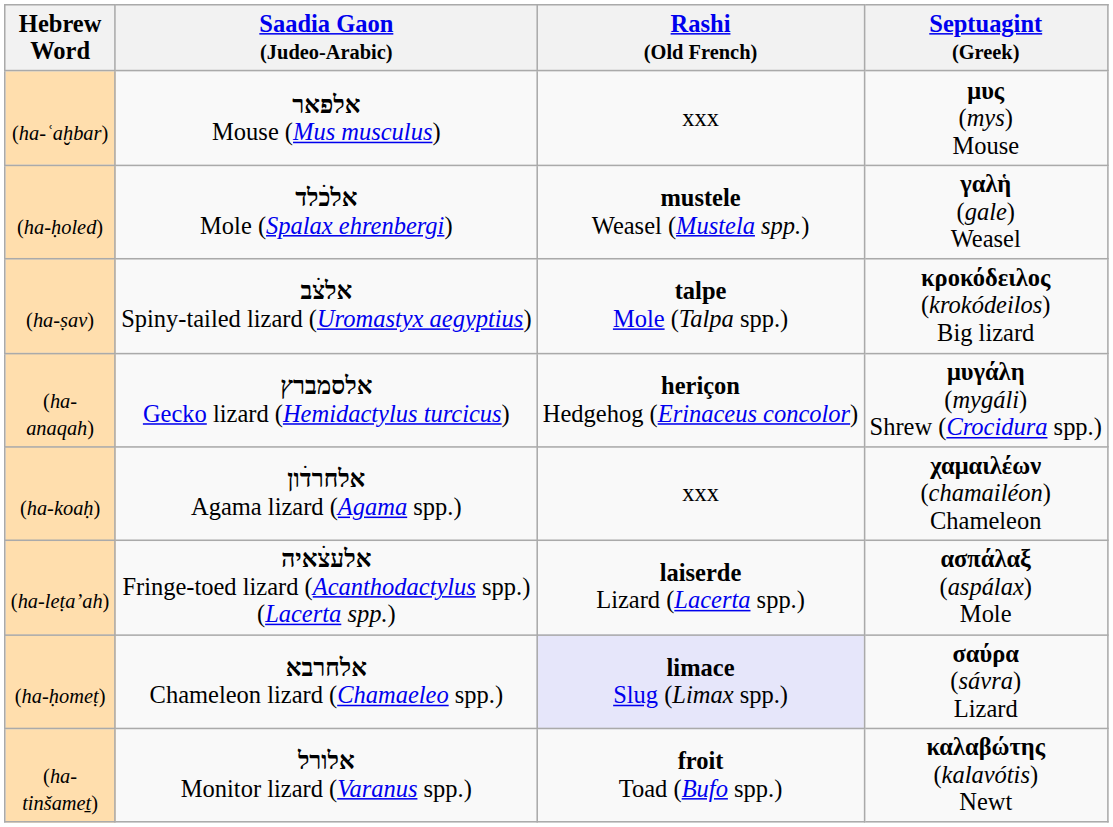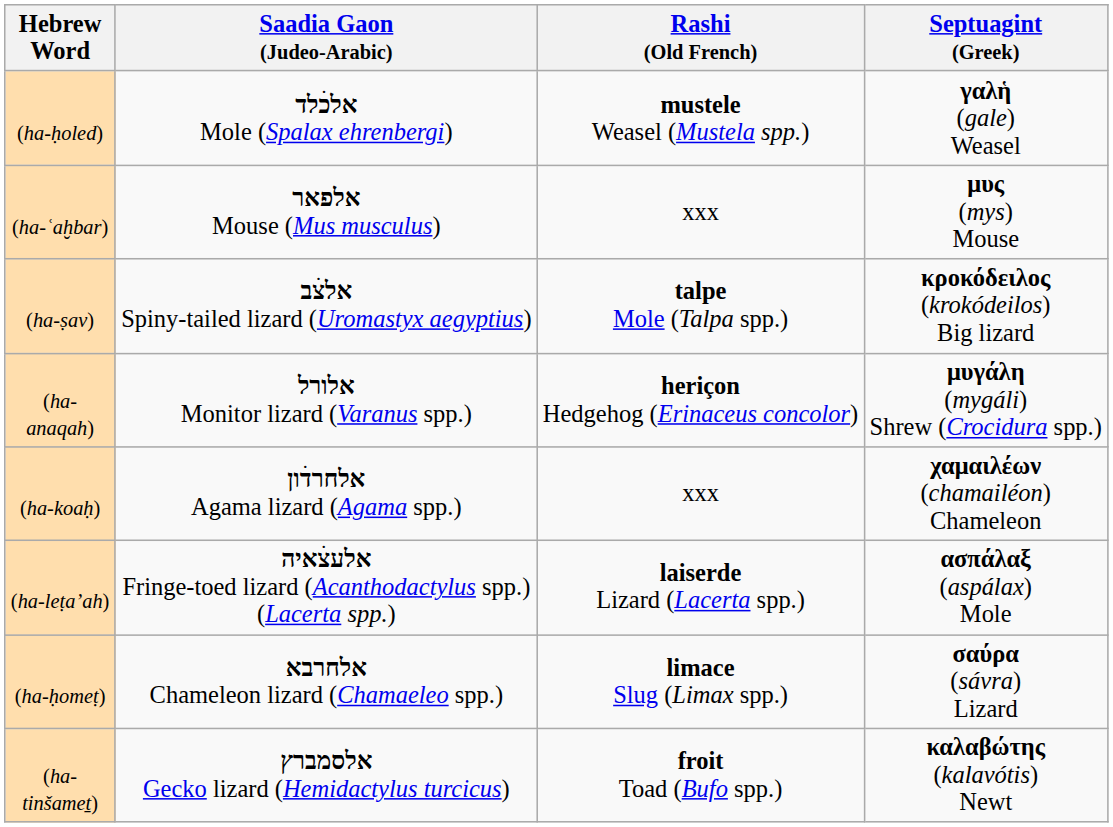 <table class="wikitable">
 <tr>
 <th style="text-align:center; width:65px">Hebrew Word</th>
 <th><a href='#'>Saadia Gaon</a><br><small>(Judeo-Arabic)</small></th>
 <th><a href='#'>Rashi</a><br><small>(Old French)</small></th>
 <th><a href='#'>Septuagint</a><br><small>(Greek)</small></th>
 </tr>
 <tr>
+<td style="background:Navajowhite; text-align:center; width:65px"><strong></strong><br><small>(<em>ha-ḥoled</em>)</small></td>
+<td style="text-align:center;"><strong>אלכׄלד</strong><br>Mole (<em><a href='#'>Spalax ehrenbergi</a></em>)</td>
+<td style="text-align:center;"><strong>mustele</strong><br>Weasel (<em><a href='#'>Mustela</a> spp.</em>)</td>
+<td style="text-align:center;"><strong>γαλἡ</strong><br>(<em>gale</em>)<br>Weasel</td>
+</tr>
+<tr>
 <td style="background:Navajowhite; text-align:center; width:65px"><strong></strong><br><small>(<em>ha-ʿaḫbar</em>)</small></td>
 <td style="text-align:center;"><strong>אלפאר</strong><br>Mouse (<em><a href='#'>Mus musculus</a></em>)</td>
 <td style="text-align:center;">xxx</td>
 <td style="text-align:center;"><strong>μυς</strong><br>(<em>mys</em>)<br>Mouse</td>
-</tr>
-<tr>
-<td style="background:Navajowhite; text-align:center; width:65px"><strong></strong><br><small>(<em>ha-ḥoled</em>)</small></td>
-<td style="text-align:center;"><strong>אלכׄלד</strong><br>Mole (<em><a href='#'>Spalax ehrenbergi</a></em>)</td>
-<td style="text-align:center;"><strong>mustele</strong><br>Weasel (<em><a href='#'>Mustela</a> spp.</em>)</td>
-<td style="text-align:center;"><strong>γαλἡ</strong><br>(<em>gale</em>)<br>Weasel</td>
 </tr>
 <tr>
 <td style="background:Navajowhite; text-align:center; width:65px"><strong></strong><br><small>(<em>ha-ṣav</em>)</small></td>
 <td style="text-align:center;"><strong>אלצׄב‎</strong><br>Spiny-tailed lizard (<em><a href='#'>Uromastyx aegyptius</a></em>)</td>
 <td style="text-align:center;"><strong>talpe</strong><br><a href='#'>Mole</a> (<em>Talpa</em> spp.)</td>
 <td style="text-align:center;"><strong>κροκόδειλος</strong><br>(<em>krokódeilos</em>)<br>Big lizard</td>
 </tr>
 <tr>
 <td style="background:Navajowhite; text-align:center; width:65px"><strong></strong><br><small>(<em>ha-anaqah</em>)</small></td>
-<td style="text-align:center;"><strong>אלסמברץ</strong><br><a href='#'>Gecko</a> lizard (<em><a href='#'>Hemidactylus turcicus</a></em>)</td>
+<td style="text-align:center;"><strong>אלורל</strong><br>Monitor lizard (<em><a href='#'>Varanus</a></em> spp.)</td>
 <td style="text-align:center;"><strong>heriçon</strong><br>Hedgehog (<em><a href='#'>Erinaceus concolor</a></em>)</td>
 <td style="text-align:center;"><strong>μυγάλη</strong><br>(<em>mygáli</em>)<br>Shrew (<em><a href='#'>Crocidura</a></em> spp.)</td>
 </tr>
 <tr>
 <td style="background:Navajowhite; text-align:center; width:65px"><strong></strong><br><small>(<em>ha-koaḥ</em>)</small></td>
 <td style="text-align:center;"><strong>אלחרדׄון</strong><br>Agama lizard (<em><a href='#'>Agama</a></em> spp.)</td>
 <td style="text-align:center;">xxx</td>
 <td style="text-align:center;"><strong>χαμαιλέων</strong><br>(<em>chamailéon</em>)<br>Chameleon</td>
 </tr>
 <tr>
 <td style="background:Navajowhite; text-align:center; width:65px"><strong></strong><br><small>(<em>ha-leṭa’ah</em>)</small></td>
 <td style="text-align:center;"><strong>אלעצׄאיה</strong><br>Fringe-toed lizard (<em><a href='#'>Acanthodactylus</a></em> spp.)<br>(<em><a href='#'>Lacerta</a> spp.</em>)</td>
 <td style="text-align:center;"><strong>laiserde</strong><br>Lizard (<em><a href='#'>Lacerta</a></em> spp.)</td>
 <td style="text-align:center;"><strong>ασπάλαξ</strong><br>(<em>aspálax</em>)<br>Mole</td>
 </tr>
 <tr>
 <td style="background:Navajowhite; text-align:center; width:65px"><strong></strong><br><small>(<em>ha-ḥomeṭ</em>)</small></td>
 <td style="text-align:center;"><strong>אלחרבא</strong><br>Chameleon lizard (<em><a href='#'>Chamaeleo</a></em> spp.)</td>
-<td style="background: lavender; text-align:center;"><strong>limace</strong><br><a href='#'>Slug</a> (<em>Limax</em> spp.)</td>
+<td style="text-align:center;"><strong>limace</strong><br><a href='#'>Slug</a> (<em>Limax</em> spp.)</td>
 <td style="text-align:center;"><strong>σαύρα</strong><br>(<em>sávra</em>)<br>Lizard</td>
 </tr>
 <tr>
 <td style="background:Navajowhite; text-align:center; width:65px"><strong></strong><br><small>(<em>ha-tinšameṯ</em>)</small></td>
-<td style="text-align:center;"><strong>אלורל</strong><br>Monitor lizard (<em><a href='#'>Varanus</a></em> spp.)</td>
+<td style="text-align:center;"><strong>אלסמברץ</strong><br><a href='#'>Gecko</a> lizard (<em><a href='#'>Hemidactylus turcicus</a></em>)</td>
 <td style="text-align:center;"><strong>froit</strong><br>Toad (<em><a href='#'>Bufo</a></em> spp.)</td>
 <td style="text-align:center;"><strong>καλαβώτης</strong><br>(<em>kalavótis</em>)<br>Newt</td>
 </tr>
 </table>
